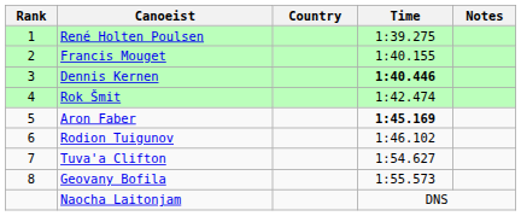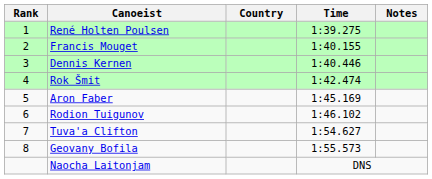 <table class="wikitable" style="text-align:center;width: 60%">
 <tr>
 <th>Rank</th>
 <th>Canoeist</th>
 <th>Country</th>
 <th>Time</th>
 <th>Notes</th>
 </tr>
 <tr bgcolor=bbffbb>
 <td>1</td>
 <td align="left"><a href='#'>René Holten Poulsen</a></td>
 <td align="left"></td>
 <td>1:39.275</td>
 <td></td>
 </tr>
 <tr bgcolor=bbffbb>
 <td>2</td>
 <td align="left"><a href='#'>Francis Mouget</a></td>
 <td align="left"></td>
 <td>1:40.155</td>
 <td></td>
 </tr>
 <tr bgcolor=bbffbb>
 <td>3</td>
 <td align="left"><a href='#'>Dennis Kernen</a></td>
 <td align="left"></td>
-<td><strong>1:40.446</strong></td>
+<td>1:40.446</td>
 <td></td>
 </tr>
 <tr bgcolor=bbffbb>
 <td>4</td>
 <td align="left"><a href='#'>Rok Šmit</a></td>
 <td align="left"></td>
 <td>1:42.474</td>
 <td></td>
 </tr>
 <tr>
 <td>5</td>
 <td align="left"><a href='#'>Aron Faber</a></td>
 <td align="left"></td>
-<td><strong>1:45.169</strong></td>
+<td>1:45.169</td>
 <td></td>
 </tr>
 <tr>
 <td>6</td>
 <td align="left"><a href='#'>Rodion Tuigunov</a></td>
 <td align="left"></td>
 <td>1:46.102</td>
 <td></td>
 </tr>
 <tr>
 <td>7</td>
 <td align="left"><a href='#'>Tuva'a Clifton</a></td>
 <td align="left"></td>
 <td>1:54.627</td>
 <td></td>
 </tr>
 <tr>
 <td>8</td>
 <td align="left"><a href='#'>Geovany Bofila</a></td>
 <td align="left"></td>
 <td>1:55.573</td>
 <td></td>
 </tr>
 <tr>
 <td></td>
 <td align="left"><a href='#'>Naocha Laitonjam</a></td>
 <td align="left"></td>
 <td colspan=2>DNS</td>
 </tr>
 </table>
